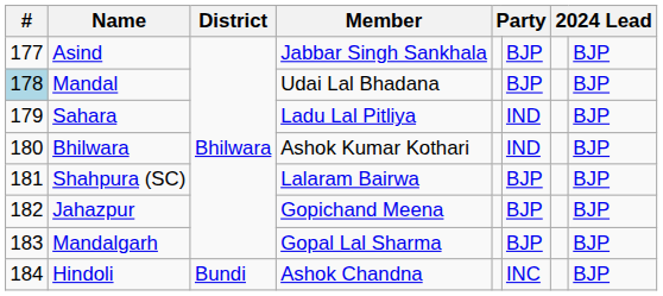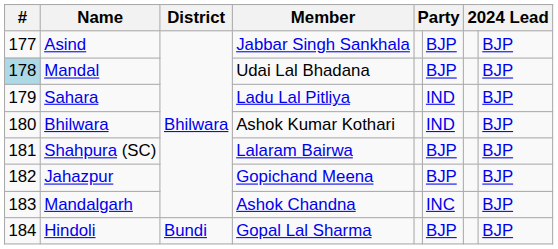 <table class="wikitable">
 <tr>
 <th>#</th>
 <th>Name</th>
 <th>District</th>
 <th>Member</th>
 <th colspan="2">Party</th>
 <th colspan="2">2024 Lead</th>
 </tr>
 <tr>
 <td>177</td>
 <td><a href='#'>Asind</a></td>
 <td rowspan="7"><a href='#'>Bhilwara</a></td>
 <td><a href='#'>Jabbar Singh Sankhala</a></td>
 <td style="background-color: "></td>
 <td><a href='#'>BJP</a></td>
 <td style="background-color: "></td>
 <td><a href='#'>BJP</a></td>
 </tr>
 <tr>
 <td style="background: lightblue;">178</td>
 <td><a href='#'>Mandal</a></td>
 <td>Udai Lal Bhadana</td>
 <td style="background-color: "></td>
 <td><a href='#'>BJP</a></td>
 <td style="background-color: "></td>
 <td><a href='#'>BJP</a></td>
 </tr>
 <tr>
 <td>179</td>
 <td><a href='#'>Sahara</a></td>
 <td><a href='#'>Ladu Lal Pitliya</a></td>
 <td style="background-color: "></td>
 <td><a href='#'>IND</a></td>
 <td style="background-color: "></td>
 <td><a href='#'>BJP</a></td>
 </tr>
 <tr>
 <td>180</td>
 <td><a href='#'>Bhilwara</a></td>
 <td>Ashok Kumar Kothari</td>
 <td style="background-color: "></td>
 <td><a href='#'>IND</a></td>
 <td style="background-color: "></td>
 <td><a href='#'>BJP</a></td>
 </tr>
 <tr>
 <td>181</td>
 <td><a href='#'>Shahpura</a> (SC)</td>
 <td><a href='#'>Lalaram Bairwa</a></td>
 <td style="background-color: "></td>
 <td><a href='#'>BJP</a></td>
 <td style="background-color: "></td>
 <td><a href='#'>BJP</a></td>
 </tr>
 <tr>
 <td>182</td>
 <td><a href='#'>Jahazpur</a></td>
 <td><a href='#'>Gopichand Meena</a></td>
 <td style="background-color: "></td>
 <td><a href='#'>BJP</a></td>
 <td style="background-color: "></td>
 <td><a href='#'>BJP</a></td>
 </tr>
 <tr>
 <td>183</td>
 <td><a href='#'>Mandalgarh</a></td>
-<td><a href='#'>Gopal Lal Sharma</a></td>
+<td><a href='#'>Ashok Chandna</a></td>
 <td style="background-color: "></td>
-<td><a href='#'>BJP</a></td>
+<td><a href='#'>INC</a></td>
 <td style="background-color: "></td>
 <td><a href='#'>BJP</a></td>
 </tr>
 <tr>
 <td>184</td>
 <td><a href='#'>Hindoli</a></td>
 <td><a href='#'>Bundi</a></td>
-<td><a href='#'>Ashok Chandna</a></td>
+<td><a href='#'>Gopal Lal Sharma</a></td>
 <td style="background-color: "></td>
-<td><a href='#'>INC</a></td>
+<td><a href='#'>BJP</a></td>
 <td style="background-color: "></td>
 <td><a href='#'>BJP</a></td>
 </tr>
 </table>
